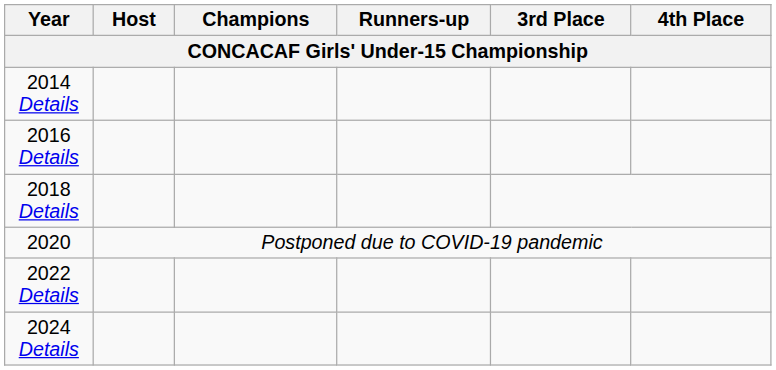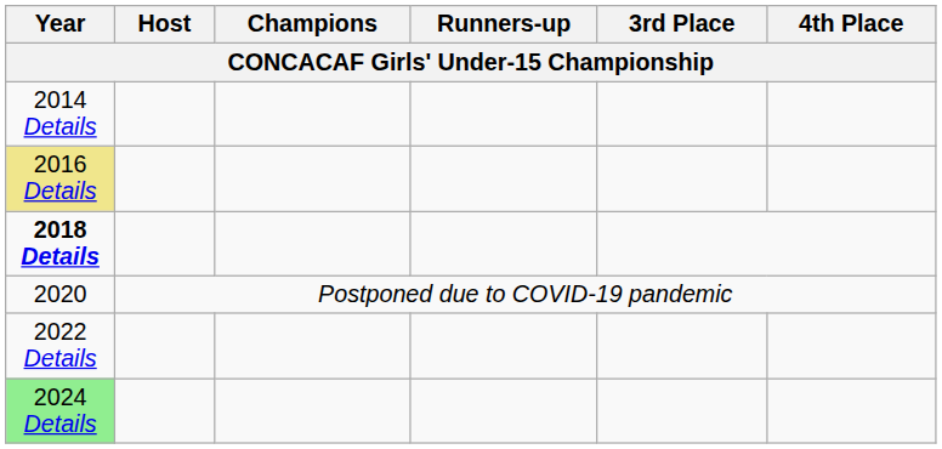 <table class="wikitable" width="100%">
 <tr>
 <th width="75">Year</th>
 <th width="75">Host</th>
 <th width="150">Champions</th>
 <th width="150">Runners-up</th>
 <th width="150">3rd Place</th>
 <th width="150">4th Place</th>
 </tr>
 <tr>
 <th colspan="6">CONCACAF Girls' Under-15 Championship</th>
 </tr>
 <tr>
 <td align="center">2014<br><a href='#'><em>Details</em></a></td>
 <td align="center"></td>
 <td></td>
 <td></td>
 <td></td>
 <td></td>
 </tr>
 <tr>
-<td align="center">2016<br><a href='#'><em>Details</em></a></td>
+<td align="center" style="background: khaki;">2016<br><a href='#'><em>Details</em></a></td>
 <td align="center"></td>
 <td></td>
 <td></td>
 <td></td>
 <td></td>
 </tr>
 <tr>
-<td align="center">2018<br><a href='#'><em>Details</em></a></td>
+<td align="center"><strong>2018<br><a href='#'><em>Details</em></a></strong></td>
 <td align="center"></td>
 <td></td>
 <td></td>
 <td colspan=2> <br></td>
 </tr>
 <tr>
 <td align="center">2020</td>
 <td align="center" colspan=5><em>Postponed due to COVID-19 pandemic</em></td>
 </tr>
 <tr>
 <td align="center">2022<br><a href='#'><em>Details</em></a></td>
 <td align="center"></td>
 <td></td>
 <td></td>
 <td></td>
 <td></td>
 </tr>
 <tr>
-<td align="center">2024<br><a href='#'><em>Details</em></a></td>
+<td align="center" style="background: lightgreen;">2024<br><a href='#'><em>Details</em></a></td>
 <td align="center"></td>
 <td></td>
 <td></td>
 <td></td>
 <td></td>
 </tr>
 </table>
